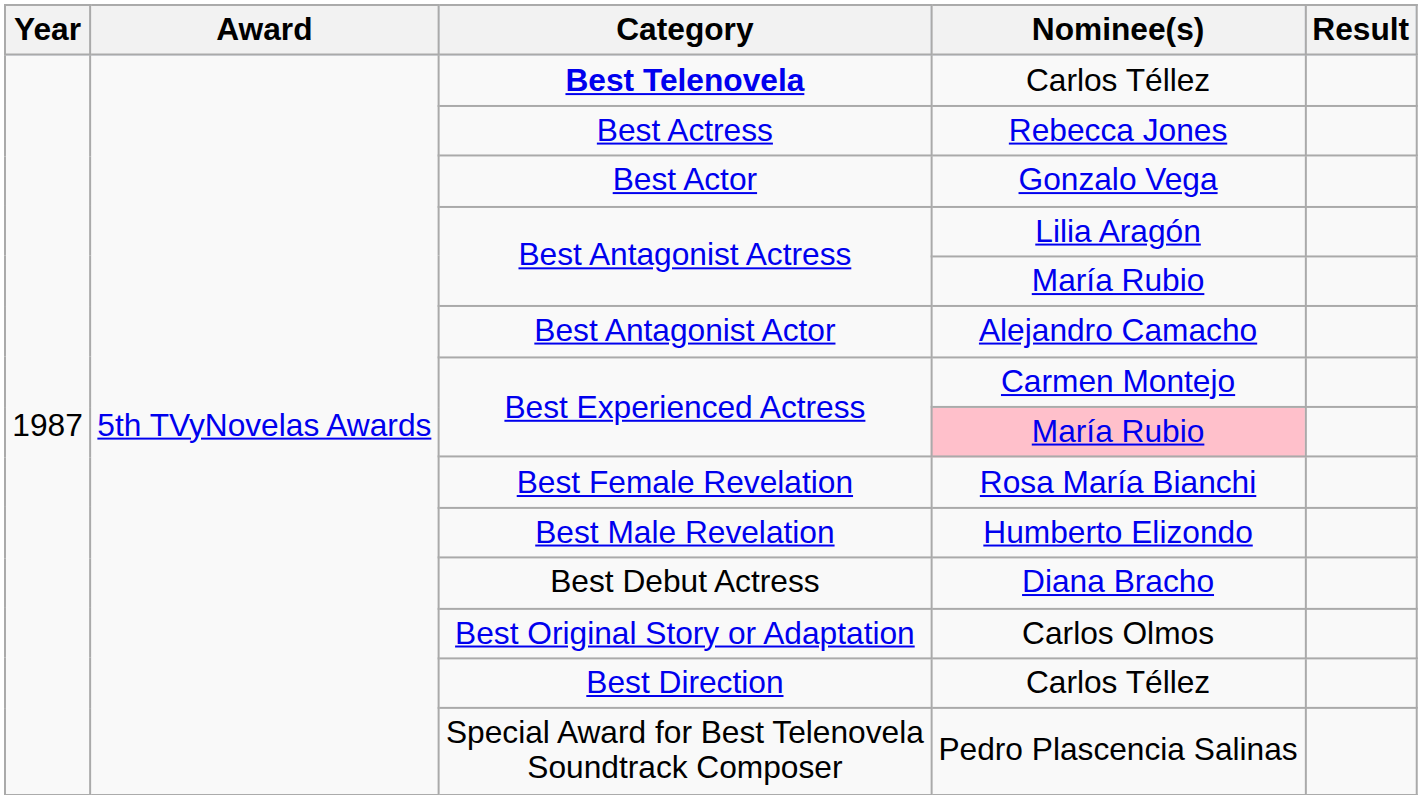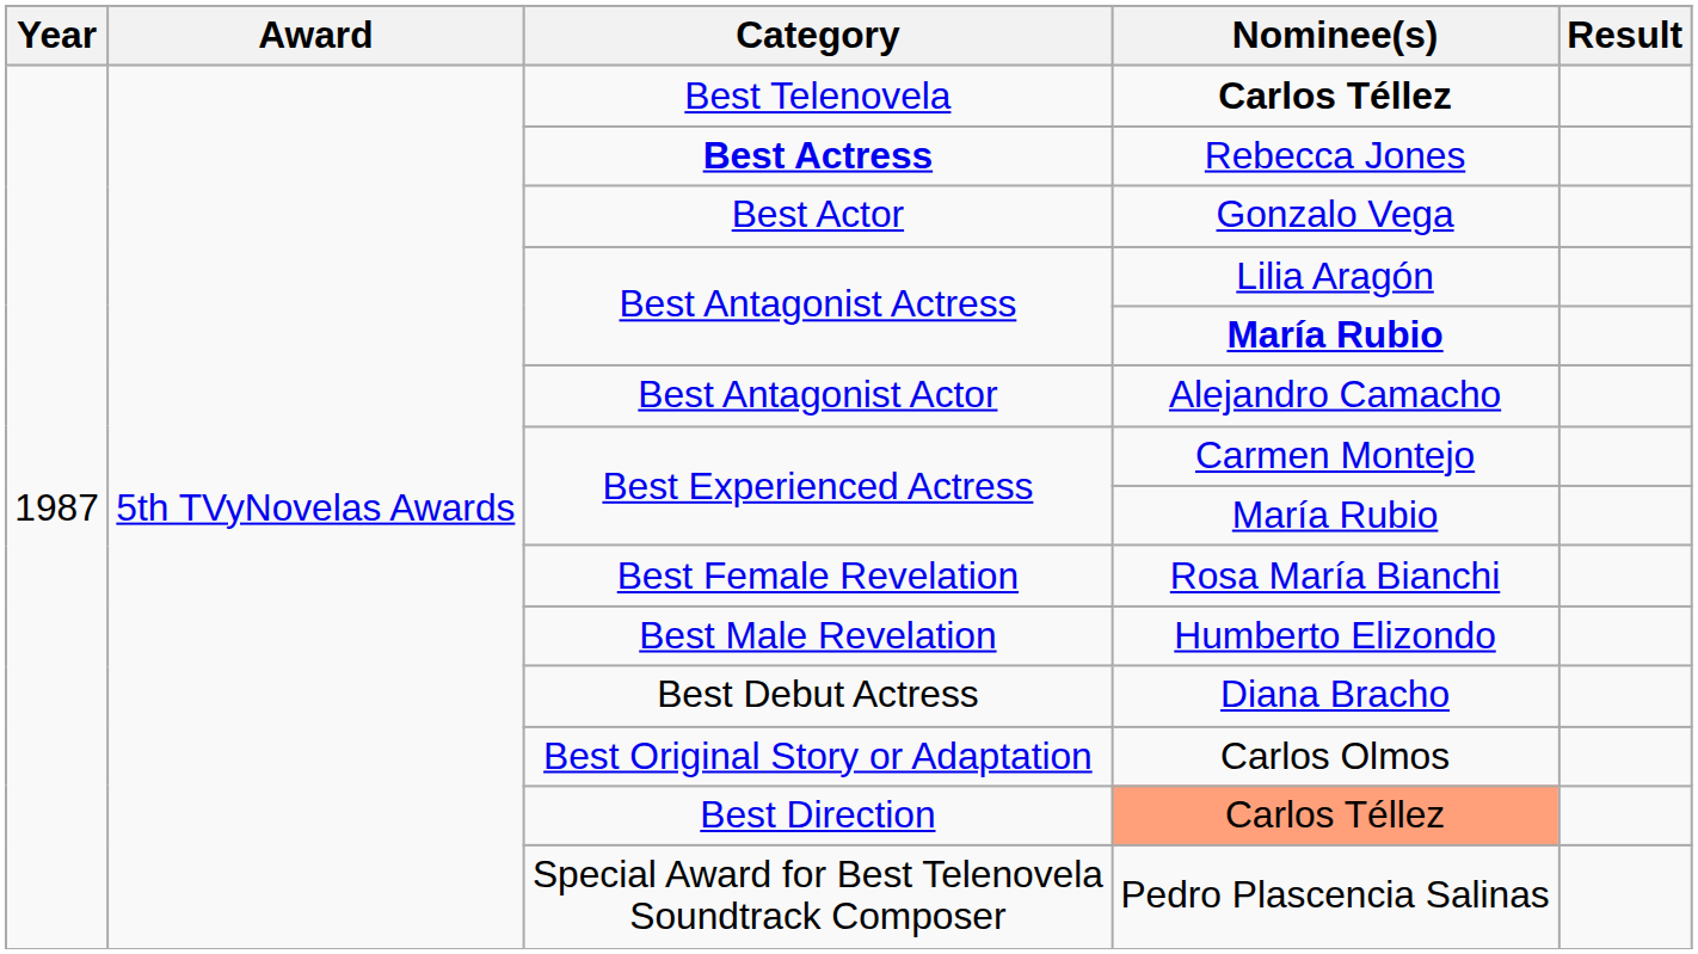 <table class="wikitable plainrowheaders" style="text-align:center;">
 <tr style="background:#b0c4de;">
 <th>Year</th>
 <th>Award</th>
 <th>Category</th>
 <th>Nominee(s)</th>
 <th>Result</th>
 </tr>
 <tr>
 <td rowspan=14>1987</td>
 <td rowspan=14><a href='#'>5th TVyNovelas Awards</a></td>
-<td><strong><a href='#'>Best Telenovela</a></strong></td>
-<td>Carlos Téllez</td>
+<td><a href='#'>Best Telenovela</a></td>
+<td><strong>Carlos Téllez</strong></td>
 <td></td>
 </tr>
 <tr>
-<td><a href='#'>Best Actress</a></td>
+<td><strong><a href='#'>Best Actress</a></strong></td>
 <td><a href='#'>Rebecca Jones</a></td>
 <td></td>
 </tr>
 <tr>
 <td><a href='#'>Best Actor</a></td>
 <td><a href='#'>Gonzalo Vega</a></td>
 <td></td>
 </tr>
 <tr>
 <td rowspan=2><a href='#'>Best Antagonist Actress</a></td>
 <td><a href='#'>Lilia Aragón</a></td>
 <td></td>
 </tr>
 <tr>
-<td><a href='#'>María Rubio</a></td>
+<td><strong><a href='#'>María Rubio</a></strong></td>
 <td></td>
 </tr>
 <tr>
 <td><a href='#'>Best Antagonist Actor</a></td>
 <td><a href='#'>Alejandro Camacho</a></td>
 <td></td>
 </tr>
 <tr>
 <td rowspan=2><a href='#'>Best Experienced Actress</a></td>
 <td><a href='#'>Carmen Montejo</a></td>
 <td></td>
 </tr>
 <tr>
-<td style="background: pink;"><a href='#'>María Rubio</a></td>
+<td><a href='#'>María Rubio</a></td>
 <td></td>
 </tr>
 <tr>
 <td><a href='#'>Best Female Revelation</a></td>
 <td><a href='#'>Rosa María Bianchi</a></td>
 <td></td>
 </tr>
 <tr>
 <td><a href='#'>Best Male Revelation</a></td>
 <td><a href='#'>Humberto Elizondo</a></td>
 <td></td>
 </tr>
 <tr>
 <td>Best Debut Actress</td>
 <td><a href='#'>Diana Bracho</a></td>
 <td></td>
 </tr>
 <tr>
 <td><a href='#'>Best Original Story or Adaptation</a></td>
 <td>Carlos Olmos</td>
 <td></td>
 </tr>
 <tr>
 <td><a href='#'>Best Direction</a></td>
-<td>Carlos Téllez</td>
+<td style="background: lightsalmon;">Carlos Téllez</td>
 <td></td>
 </tr>
 <tr>
 <td>Special Award for Best Telenovela <br> Soundtrack Composer</td>
 <td>Pedro Plascencia Salinas</td>
 <td></td>
 </tr>
 </table>
